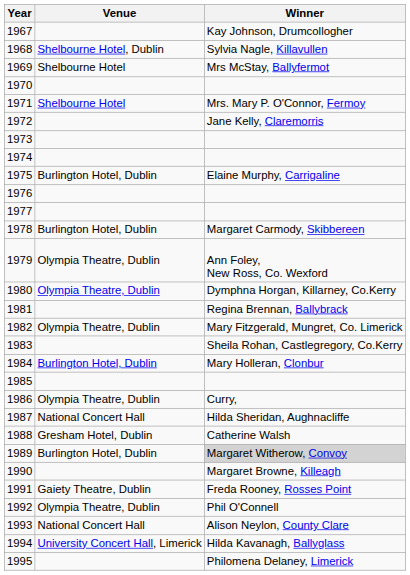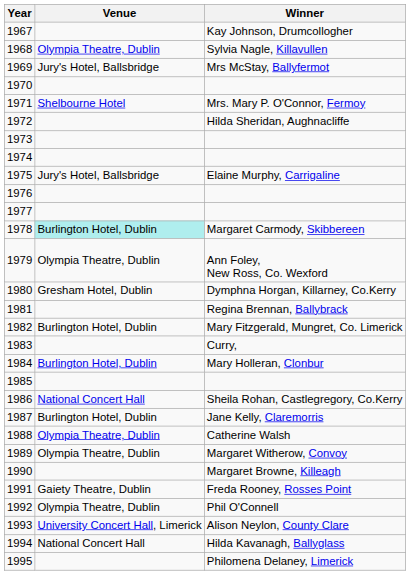 <table class="wikitable">
 <tr>
 <th>Year</th>
 <th>Venue</th>
 <th>Winner</th>
 </tr>
 <tr>
 <td>1967</td>
 <td></td>
 <td>Kay Johnson, Drumcollogher</td>
 </tr>
 <tr>
 <td>1968</td>
-<td><a href='#'>Shelbourne Hotel</a>, Dublin</td>
+<td><a href='#'>Olympia Theatre, Dublin</a></td>
 <td>Sylvia Nagle, <a href='#'>Killavullen</a></td>
 </tr>
 <tr>
 <td>1969</td>
-<td>Shelbourne Hotel</td>
+<td>Jury's Hotel, Ballsbridge</td>
 <td>Mrs McStay, <a href='#'>Ballyfermot</a></td>
 </tr>
 <tr>
 <td>1970</td>
 <td></td>
 <td></td>
 </tr>
 <tr>
 <td>1971</td>
 <td><a href='#'>Shelbourne Hotel</a></td>
 <td>Mrs. Mary P. O'Connor, <a href='#'>Fermoy</a></td>
 </tr>
 <tr>
 <td>1972</td>
 <td></td>
-<td>Jane Kelly, <a href='#'>Claremorris</a></td>
+<td>Hilda Sheridan, Aughnacliffe</td>
 </tr>
 <tr>
 <td>1973</td>
 <td></td>
 <td></td>
 </tr>
 <tr>
 <td>1974</td>
 <td></td>
 <td></td>
 </tr>
 <tr>
 <td>1975</td>
-<td>Burlington Hotel, Dublin</td>
+<td>Jury's Hotel, Ballsbridge</td>
 <td>Elaine Murphy, <a href='#'>Carrigaline</a></td>
 </tr>
 <tr>
 <td>1976</td>
 <td></td>
 <td></td>
 </tr>
 <tr>
 <td>1977</td>
 <td></td>
 <td></td>
 </tr>
 <tr>
 <td>1978</td>
-<td>Burlington Hotel, Dublin</td>
+<td style="background: paleturquoise;">Burlington Hotel, Dublin</td>
 <td>Margaret Carmody, <a href='#'>Skibbereen</a></td>
 </tr>
 <tr>
 <td>1979</td>
 <td>Olympia Theatre, Dublin</td>
 <td><br>Ann Foley,<br>New Ross, Co. Wexford</td>
 </tr>
 <tr>
 <td>1980</td>
-<td><a href='#'>Olympia Theatre, Dublin</a></td>
+<td>Gresham Hotel, Dublin</td>
 <td>Dymphna Horgan, Killarney, Co.Kerry</td>
 </tr>
 <tr>
 <td>1981</td>
 <td></td>
 <td>Regina Brennan, <a href='#'>Ballybrack</a></td>
 </tr>
 <tr>
 <td>1982</td>
-<td>Olympia Theatre, Dublin</td>
+<td>Burlington Hotel, Dublin</td>
 <td>Mary Fitzgerald, Mungret, Co. Limerick</td>
 </tr>
 <tr>
 <td>1983</td>
 <td></td>
-<td>Sheila Rohan, Castlegregory, Co.Kerry</td>
+<td>Curry,</td>
 </tr>
 <tr>
 <td>1984</td>
 <td><a href='#'>Burlington Hotel, Dublin</a></td>
 <td>Mary Holleran, <a href='#'>Clonbur</a></td>
 </tr>
 <tr>
 <td>1985</td>
 <td></td>
 <td></td>
 </tr>
 <tr>
 <td>1986</td>
-<td>Olympia Theatre, Dublin</td>
-<td>Curry,</td>
+<td><a href='#'>National Concert Hall</a></td>
+<td>Sheila Rohan, Castlegregory, Co.Kerry</td>
 </tr>
 <tr>
 <td>1987</td>
-<td>National Concert Hall</td>
-<td>Hilda Sheridan, Aughnacliffe</td>
+<td>Burlington Hotel, Dublin</td>
+<td>Jane Kelly, <a href='#'>Claremorris</a></td>
 </tr>
 <tr>
 <td>1988</td>
-<td>Gresham Hotel, Dublin</td>
+<td><a href='#'>Olympia Theatre, Dublin</a></td>
 <td>Catherine Walsh</td>
 </tr>
 <tr>
 <td>1989</td>
-<td>Burlington Hotel, Dublin</td>
-<td style="background: lightgrey;">Margaret Witherow, <a href='#'>Convoy</a></td>
+<td>Olympia Theatre, Dublin</td>
+<td>Margaret Witherow, <a href='#'>Convoy</a></td>
 </tr>
 <tr>
 <td>1990</td>
 <td></td>
 <td>Margaret Browne, <a href='#'>Killeagh</a></td>
 </tr>
 <tr>
 <td>1991</td>
 <td>Gaiety Theatre, Dublin</td>
 <td>Freda Rooney, <a href='#'>Rosses Point</a></td>
 </tr>
 <tr>
 <td>1992</td>
 <td>Olympia Theatre, Dublin</td>
 <td>Phil O'Connell</td>
 </tr>
 <tr>
 <td>1993</td>
-<td>National Concert Hall</td>
+<td><a href='#'>University Concert Hall</a>, Limerick</td>
 <td>Alison Neylon, <a href='#'>County Clare</a></td>
 </tr>
 <tr>
 <td>1994</td>
-<td><a href='#'>University Concert Hall</a>, Limerick</td>
+<td>National Concert Hall</td>
 <td>Hilda Kavanagh, <a href='#'>Ballyglass</a></td>
 </tr>
 <tr>
 <td>1995</td>
 <td></td>
 <td>Philomena Delaney, <a href='#'>Limerick</a></td>
 </tr>
 </table>
